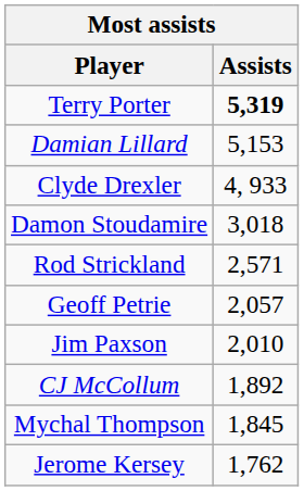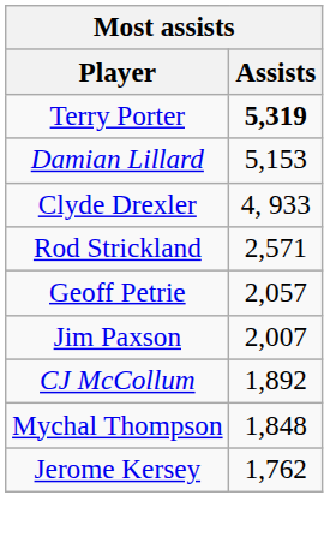 <table class="wikitable sortable" style="text-align:center">
 <tr>
 <th colspan="2" style="text-align:center; ">Most assists</th>
 </tr>
 <tr>
 <th style="text-align:center; ">Player</th>
 <th style="text-align:center; ">Assists</th>
 </tr>
 <tr>
 <td><a href='#'>Terry Porter</a></td>
 <td><strong>5,319</strong></td>
 </tr>
 <tr>
 <td><em><a href='#'>Damian Lillard</a></em></td>
 <td>5,153</td>
 </tr>
 <tr>
 <td><a href='#'>Clyde Drexler</a></td>
 <td>4, 933</td>
 </tr>
 <tr>
-<td><a href='#'>Damon Stoudamire</a></td>
-<td>3,018</td>
-</tr>
-<tr>
 <td><a href='#'>Rod Strickland</a></td>
 <td>2,571</td>
 </tr>
 <tr>
 <td><a href='#'>Geoff Petrie</a></td>
 <td>2,057</td>
 </tr>
 <tr>
 <td><a href='#'>Jim Paxson</a></td>
-<td>2,010</td>
+<td>2,007</td>
 </tr>
 <tr>
 <td><em><a href='#'>CJ McCollum</a></em></td>
 <td>1,892</td>
 </tr>
 <tr>
 <td><a href='#'>Mychal Thompson</a></td>
-<td>1,845</td>
+<td>1,848</td>
 </tr>
 <tr>
 <td><a href='#'>Jerome Kersey</a></td>
 <td>1,762</td>
 </tr>
 </table>
